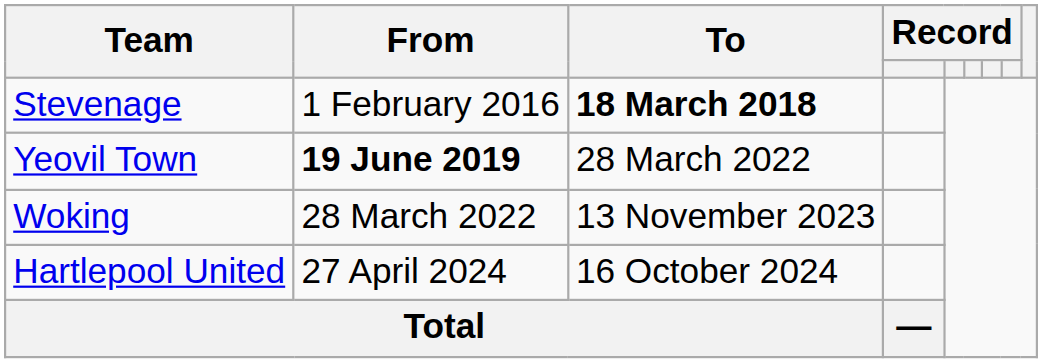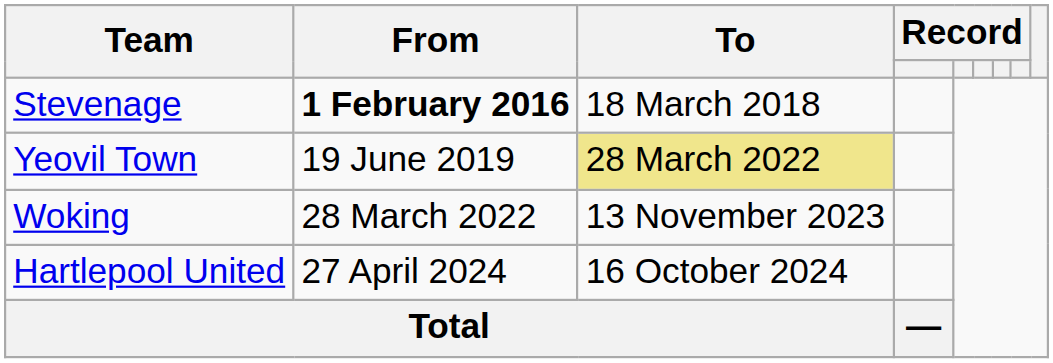 <table class=wikitable style="text-align: center">
 <tr>
 <th rowspan=2>Team</th>
 <th rowspan=2>From</th>
 <th rowspan=2>To</th>
 <th colspan=5>Record</th>
 <th rowspan=2></th>
 </tr>
 <tr>
 <th></th>
 <th></th>
 <th></th>
 <th></th>
 <th></th>
 </tr>
 <tr>
 <td align=left><a href='#'>Stevenage</a></td>
-<td align=left>1 February 2016</td>
-<td align=left><strong>18 March 2018<br></strong></td>
+<td align=left><strong>1 February 2016</strong></td>
+<td align=left>18 March 2018<br></td>
 <td></td>
 </tr>
 <tr>
 <td align=left><a href='#'>Yeovil Town</a></td>
-<td align=left><strong>19 June 2019</strong></td>
-<td align=left>28 March 2022<br></td>
+<td align=left>19 June 2019</td>
+<td align=left style="background: khaki;">28 March 2022<br></td>
 <td></td>
 </tr>
 <tr>
 <td align=left><a href='#'>Woking</a></td>
 <td align=left>28 March 2022</td>
 <td align=left>13 November 2023<br></td>
 <td></td>
 </tr>
 <tr>
 <td align=left><a href='#'>Hartlepool United</a></td>
 <td align=left>27 April 2024</td>
 <td align=left>16 October 2024<br></td>
 <td></td>
 </tr>
 <tr>
 <th colspan=3>Total<br></th>
 <th>—</th>
 </tr>
 </table>
